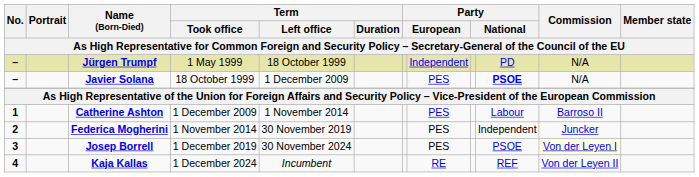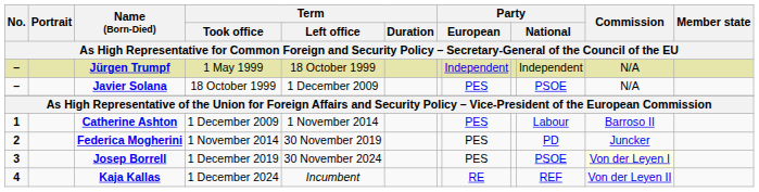 <table class="wikitable" style="text-align:center;">
 <tr>
 <th rowspan=2>No.</th>
 <th rowspan=2>Portrait</th>
 <th rowspan=2>Name<br><small>(Born-Died)</small></th>
 <th colspan=3>Term</th>
 <th colspan=4>Party</th>
 <th rowspan=2>Commission</th>
 <th rowspan=2>Member state</th>
 </tr>
 <tr>
 <th>Took office</th>
 <th>Left office</th>
 <th>Duration</th>
 <th colspan=2>European</th>
 <th colspan=2>National</th>
 </tr>
 <tr style="text-align:center;">
 <th colspan=12>As High Representative for Common Foreign and Security Policy – Secretary-General of the Council of the EU</th>
 </tr>
 <tr style="background:#E6E6AA;">
 <td><strong>–</strong></td>
 <td></td>
 <td><strong><a href='#'>Jürgen Trumpf</a></strong><br></td>
 <td>1 May 1999</td>
 <td>18 October 1999</td>
 <td></td>
 <td style="background-color: "></td>
 <td><a href='#'>Independent</a></td>
 <td style="background-color: "></td>
-<td><a href='#'>PD</a></td>
+<td>Independent</td>
 <td>N/A</td>
 <td></td>
 </tr>
 <tr>
 <td><strong>–</strong></td>
 <td></td>
 <td><strong><a href='#'>Javier Solana</a></strong><br></td>
 <td>18 October 1999</td>
 <td>1 December 2009</td>
 <td></td>
 <td style="background-color: "></td>
 <td><a href='#'>PES</a></td>
 <td style="background-color: "></td>
-<td><strong><a href='#'>PSOE</a></strong></td>
+<td><a href='#'>PSOE</a></td>
 <td>N/A</td>
 <td></td>
 </tr>
 <tr>
 </tr>
 <tr style="text-align:center;">
 <th colspan=12>As High Representative of the Union for Foreign Affairs and Security Policy – Vice-President of the European Commission</th>
 </tr>
 <tr>
 <td><strong>1</strong></td>
 <td></td>
 <td><strong><a href='#'>Catherine Ashton</a></strong><br></td>
 <td>1 December 2009</td>
 <td>1 November 2014</td>
 <td></td>
 <td style="background-color: "></td>
 <td><a href='#'>PES</a></td>
 <td style="background-color: "></td>
 <td><a href='#'>Labour</a></td>
 <td><a href='#'>Barroso II</a></td>
 <td></td>
 </tr>
 <tr>
 <td><strong>2</strong></td>
 <td></td>
 <td><strong><a href='#'>Federica Mogherini</a></strong><br></td>
 <td>1 November 2014</td>
 <td>30 November 2019</td>
 <td></td>
 <td style="background-color: "></td>
 <td>PES</td>
 <td style="background-color: "></td>
-<td>Independent</td>
+<td><a href='#'>PD</a></td>
 <td><a href='#'>Juncker</a></td>
 <td></td>
 </tr>
 <tr>
 <td><strong>3</strong></td>
 <td></td>
 <td><strong><a href='#'>Josep Borrell</a></strong><br></td>
 <td>1 December 2019</td>
 <td>30 November 2024</td>
 <td></td>
 <td style="background-color: "></td>
 <td>PES</td>
 <td style="background-color: "></td>
 <td><a href='#'>PSOE</a></td>
 <td style="background: lightyellow;"><a href='#'>Von der Leyen I</a></td>
 <td></td>
 </tr>
 <tr>
 <td><strong>4</strong></td>
 <td></td>
 <td><strong><a href='#'>Kaja Kallas</a></strong><br></td>
 <td>1 December 2024</td>
 <td><em>Incumbent</em></td>
 <td></td>
 <td style="background-color: "></td>
 <td><a href='#'>RE</a></td>
 <td style="background-color: "></td>
 <td><a href='#'>REF</a></td>
 <td><a href='#'>Von der Leyen II</a></td>
 <td></td>
 </tr>
 </table>
